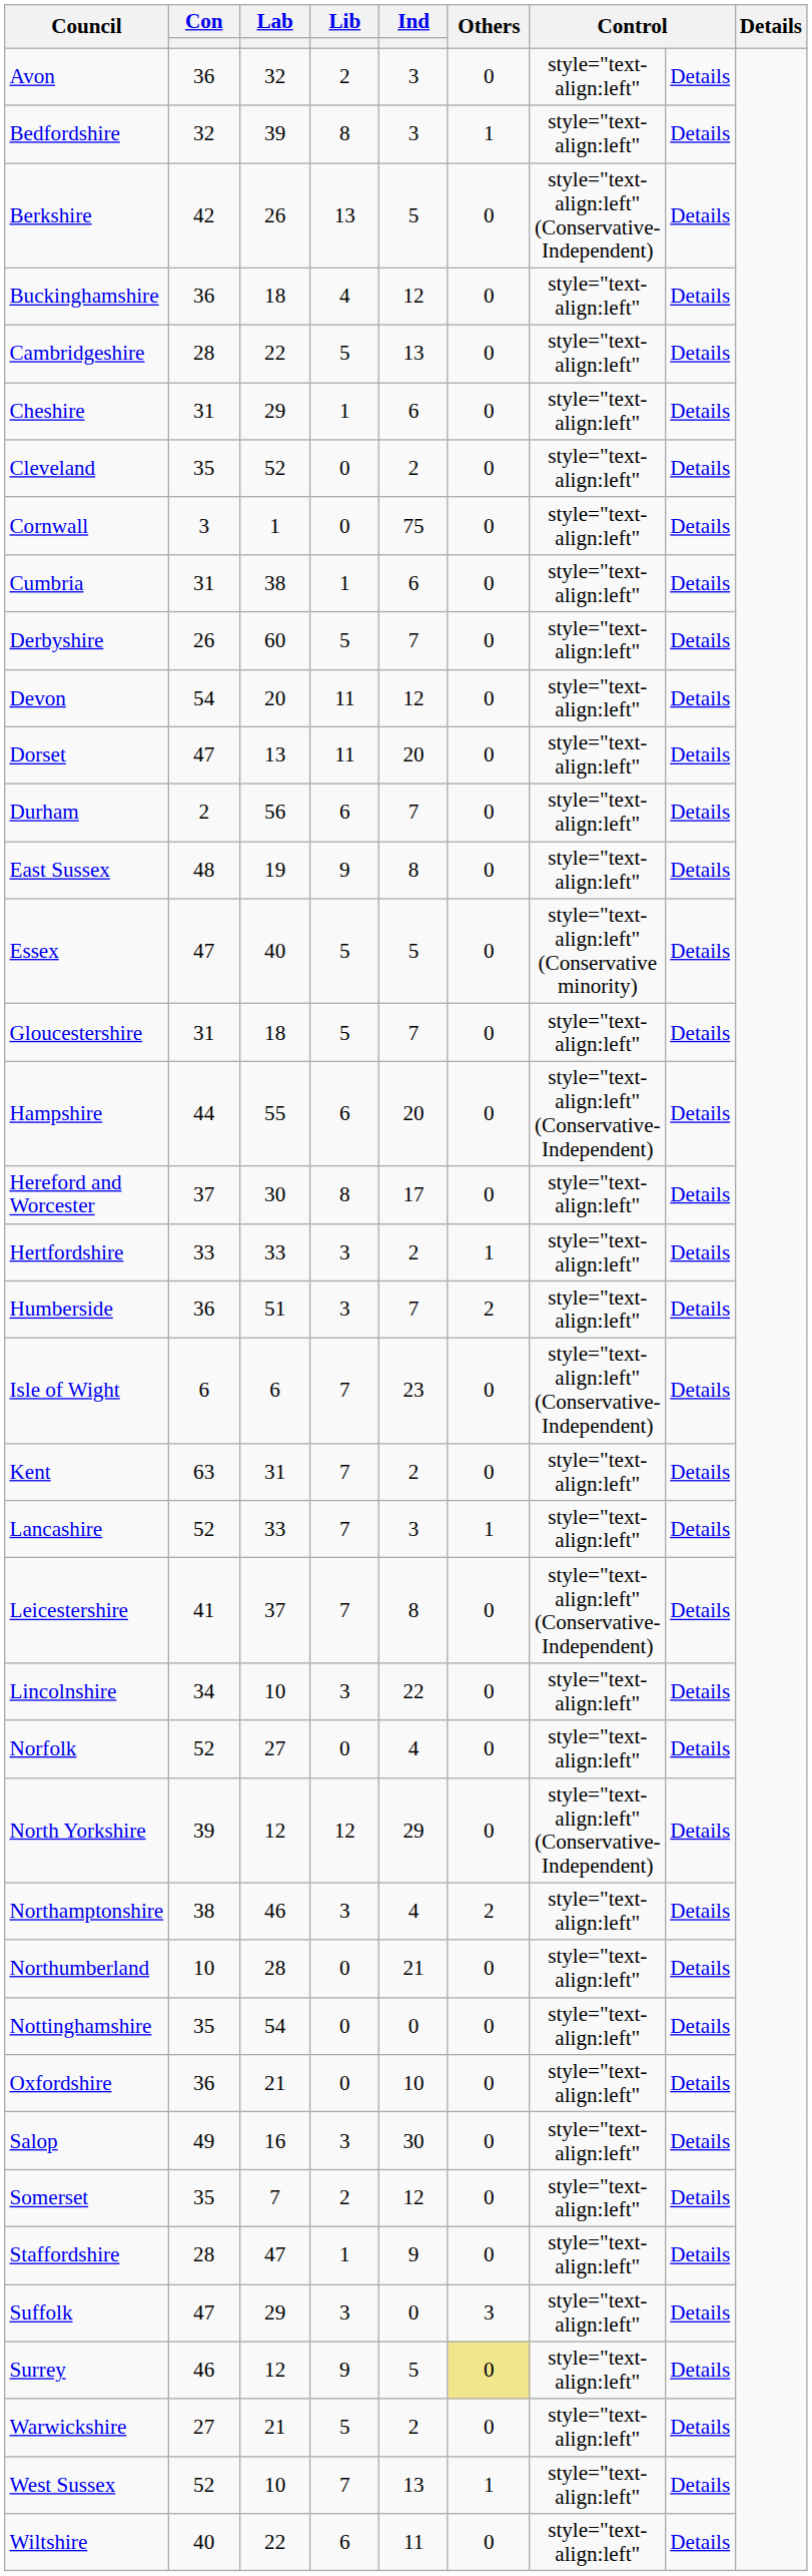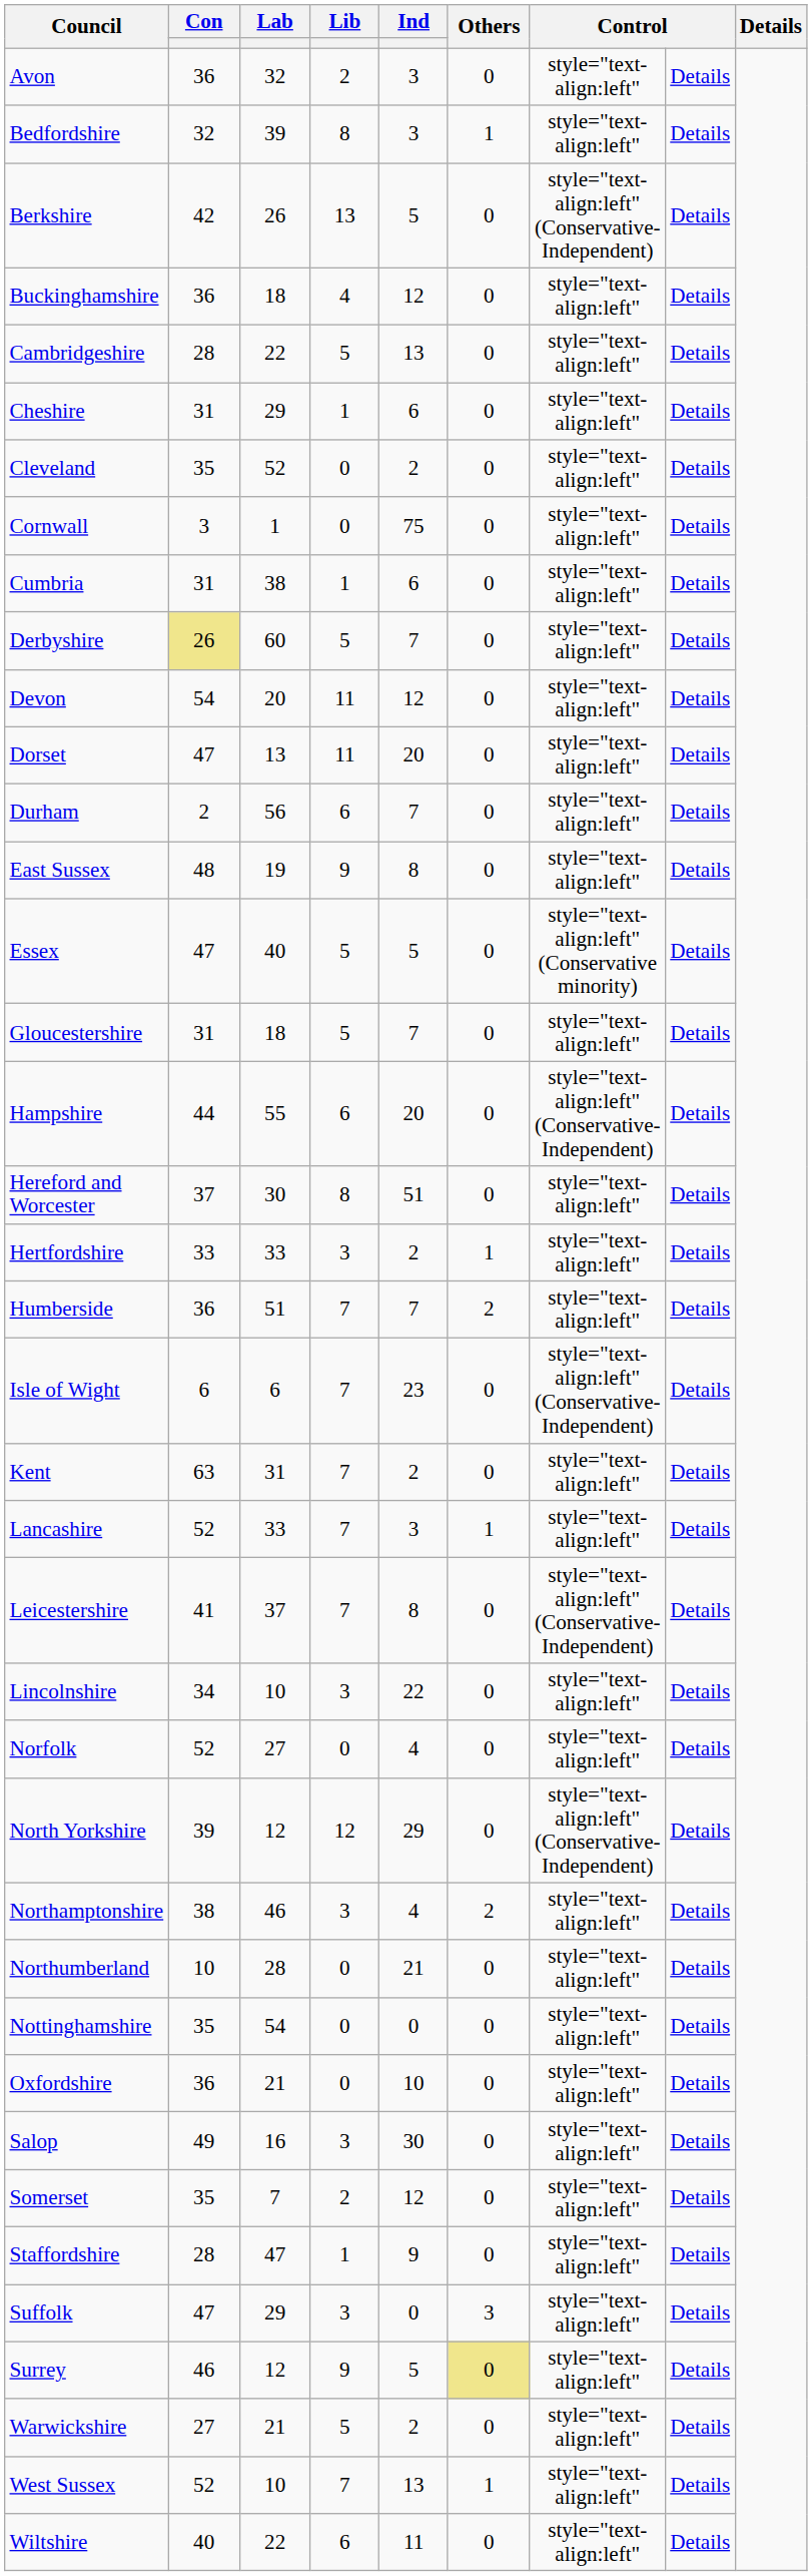 <table class="wikitable" style="text-align:center;">
 <tr>
 <th rowspan=2>Council</th>
 <th style="width:60px;"><a href='#'>Con</a></th>
 <th style="width:60px;"><a href='#'>Lab</a></th>
 <th style="width:60px;"><a href='#'>Lib</a></th>
 <th style="width:60px;"><a href='#'>Ind</a></th>
 <th style="width:60px;" rowspan=2>Others</th>
 <th rowspan=2 colspan=2>Control</th>
 <th rowspan=2>Details</th>
 </tr>
 <tr>
 <th style="background:"></th>
 <th style="background:"></th>
 <th style="background:"></th>
 <th style="background:"></th>
 </tr>
 <tr>
 <td style="text-align:left"><a href='#'>Avon</a></td>
 <td>36</td>
 <td>32</td>
 <td>2</td>
 <td>3</td>
 <td>0</td>
 <td>style="text-align:left" </td>
 <td style="text-align:left"><a href='#'>Details</a></td>
 </tr>
 <tr>
 <td style="text-align:left"><a href='#'>Bedfordshire</a></td>
 <td>32</td>
 <td>39</td>
 <td>8</td>
 <td>3</td>
 <td>1</td>
 <td>style="text-align:left" </td>
 <td style="text-align:left"><a href='#'>Details</a></td>
 </tr>
 <tr>
 <td style="text-align:left"><a href='#'>Berkshire</a></td>
 <td>42</td>
 <td>26</td>
 <td>13</td>
 <td>5</td>
 <td>0</td>
 <td>style="text-align:left"  (Conservative-Independent)</td>
 <td style="text-align:left"><a href='#'>Details</a></td>
 </tr>
 <tr>
 <td style="text-align:left"><a href='#'>Buckinghamshire</a></td>
 <td>36</td>
 <td>18</td>
 <td>4</td>
 <td>12</td>
 <td>0</td>
 <td>style="text-align:left" </td>
 <td style="text-align:left"><a href='#'>Details</a></td>
 </tr>
 <tr>
 <td style="text-align:left"><a href='#'>Cambridgeshire</a></td>
 <td>28</td>
 <td>22</td>
 <td>5</td>
 <td>13</td>
 <td>0</td>
 <td>style="text-align:left" </td>
 <td style="text-align:left"><a href='#'>Details</a></td>
 </tr>
 <tr>
 <td style="text-align:left"><a href='#'>Cheshire</a></td>
 <td>31</td>
 <td>29</td>
 <td>1</td>
 <td>6</td>
 <td>0</td>
 <td>style="text-align:left" </td>
 <td style="text-align:left"><a href='#'>Details</a></td>
 </tr>
 <tr>
 <td style="text-align:left"><a href='#'>Cleveland</a></td>
 <td>35</td>
 <td>52</td>
 <td>0</td>
 <td>2</td>
 <td>0</td>
 <td>style="text-align:left" </td>
 <td style="text-align:left"><a href='#'>Details</a></td>
 </tr>
 <tr>
 <td style="text-align:left"><a href='#'>Cornwall</a></td>
 <td>3</td>
 <td>1</td>
 <td>0</td>
 <td>75</td>
 <td>0</td>
 <td>style="text-align:left" </td>
 <td style="text-align:left"><a href='#'>Details</a></td>
 </tr>
 <tr>
 <td style="text-align:left"><a href='#'>Cumbria</a></td>
 <td>31</td>
 <td>38</td>
 <td>1</td>
 <td>6</td>
 <td>0</td>
 <td>style="text-align:left" </td>
 <td style="text-align:left"><a href='#'>Details</a></td>
 </tr>
 <tr>
 <td style="text-align:left"><a href='#'>Derbyshire</a></td>
-<td>26</td>
+<td style="background: khaki;">26</td>
 <td>60</td>
 <td>5</td>
 <td>7</td>
 <td>0</td>
 <td>style="text-align:left" </td>
 <td style="text-align:left"><a href='#'>Details</a></td>
 </tr>
 <tr>
 <td style="text-align:left"><a href='#'>Devon</a></td>
 <td>54</td>
 <td>20</td>
 <td>11</td>
 <td>12</td>
 <td>0</td>
 <td>style="text-align:left" </td>
 <td style="text-align:left"><a href='#'>Details</a></td>
 </tr>
 <tr>
 <td style="text-align:left"><a href='#'>Dorset</a></td>
 <td>47</td>
 <td>13</td>
 <td>11</td>
 <td>20</td>
 <td>0</td>
 <td>style="text-align:left" </td>
 <td style="text-align:left"><a href='#'>Details</a></td>
 </tr>
 <tr>
 <td style="text-align:left"><a href='#'>Durham</a></td>
 <td>2</td>
 <td>56</td>
 <td>6</td>
 <td>7</td>
 <td>0</td>
 <td>style="text-align:left" </td>
 <td style="text-align:left"><a href='#'>Details</a></td>
 </tr>
 <tr>
 <td style="text-align:left"><a href='#'>East Sussex</a></td>
 <td>48</td>
 <td>19</td>
 <td>9</td>
 <td>8</td>
 <td>0</td>
 <td>style="text-align:left" </td>
 <td style="text-align:left"><a href='#'>Details</a></td>
 </tr>
 <tr>
 <td style="text-align:left"><a href='#'>Essex</a></td>
 <td>47</td>
 <td>40</td>
 <td>5</td>
 <td>5</td>
 <td>0</td>
 <td>style="text-align:left"  (Conservative minority)</td>
 <td style="text-align:left"><a href='#'>Details</a></td>
 </tr>
 <tr>
 <td style="text-align:left"><a href='#'>Gloucestershire</a></td>
 <td>31</td>
 <td>18</td>
 <td>5</td>
 <td>7</td>
 <td>0</td>
 <td>style="text-align:left" </td>
 <td style="text-align:left"><a href='#'>Details</a></td>
 </tr>
 <tr>
 <td style="text-align:left"><a href='#'>Hampshire</a></td>
 <td>44</td>
 <td>55</td>
 <td>6</td>
 <td>20</td>
 <td>0</td>
 <td>style="text-align:left"  (Conservative-Independent)</td>
 <td style="text-align:left"><a href='#'>Details</a></td>
 </tr>
 <tr>
 <td style="text-align:left"><a href='#'>Hereford and Worcester</a></td>
 <td>37</td>
 <td>30</td>
 <td>8</td>
-<td>17</td>
+<td>51</td>
 <td>0</td>
 <td>style="text-align:left" </td>
 <td style="text-align:left"><a href='#'>Details</a></td>
 </tr>
 <tr>
 <td style="text-align:left"><a href='#'>Hertfordshire</a></td>
 <td>33</td>
 <td>33</td>
 <td>3</td>
 <td>2</td>
 <td>1</td>
 <td>style="text-align:left" </td>
 <td style="text-align:left"><a href='#'>Details</a></td>
 </tr>
 <tr>
 <td style="text-align:left"><a href='#'>Humberside</a></td>
 <td>36</td>
 <td>51</td>
-<td>3</td>
+<td>7</td>
 <td>7</td>
 <td>2</td>
 <td>style="text-align:left" </td>
 <td style="text-align:left"><a href='#'>Details</a></td>
 </tr>
 <tr>
 <td style="text-align:left"><a href='#'>Isle of Wight</a></td>
 <td>6</td>
 <td>6</td>
 <td>7</td>
 <td>23</td>
 <td>0</td>
 <td>style="text-align:left"  (Conservative-Independent)</td>
 <td style="text-align:left"><a href='#'>Details</a></td>
 </tr>
 <tr>
 <td style="text-align:left"><a href='#'>Kent</a></td>
 <td>63</td>
 <td>31</td>
 <td>7</td>
 <td>2</td>
 <td>0</td>
 <td>style="text-align:left" </td>
 <td style="text-align:left"><a href='#'>Details</a></td>
 </tr>
 <tr>
 <td style="text-align:left"><a href='#'>Lancashire</a></td>
 <td>52</td>
 <td>33</td>
 <td>7</td>
 <td>3</td>
 <td>1</td>
 <td>style="text-align:left" </td>
 <td style="text-align:left"><a href='#'>Details</a></td>
 </tr>
 <tr>
 <td style="text-align:left"><a href='#'>Leicestershire</a></td>
 <td>41</td>
 <td>37</td>
 <td>7</td>
 <td>8</td>
 <td>0</td>
 <td>style="text-align:left"  (Conservative-Independent)</td>
 <td style="text-align:left"><a href='#'>Details</a></td>
 </tr>
 <tr>
 <td style="text-align:left"><a href='#'>Lincolnshire</a></td>
 <td>34</td>
 <td>10</td>
 <td>3</td>
 <td>22</td>
 <td>0</td>
 <td>style="text-align:left" </td>
 <td style="text-align:left"><a href='#'>Details</a></td>
 </tr>
 <tr>
 <td style="text-align:left"><a href='#'>Norfolk</a></td>
 <td>52</td>
 <td>27</td>
 <td>0</td>
 <td>4</td>
 <td>0</td>
 <td>style="text-align:left" </td>
 <td style="text-align:left"><a href='#'>Details</a></td>
 </tr>
 <tr>
 <td style="text-align:left"><a href='#'>North Yorkshire</a></td>
 <td>39</td>
 <td>12</td>
 <td>12</td>
 <td>29</td>
 <td>0</td>
 <td>style="text-align:left"  (Conservative-Independent)</td>
 <td style="text-align:left"><a href='#'>Details</a></td>
 </tr>
 <tr>
 <td style="text-align:left"><a href='#'>Northamptonshire</a></td>
 <td>38</td>
 <td>46</td>
 <td>3</td>
 <td>4</td>
 <td>2</td>
 <td>style="text-align:left" </td>
 <td style="text-align:left"><a href='#'>Details</a></td>
 </tr>
 <tr>
 <td style="text-align:left"><a href='#'>Northumberland</a></td>
 <td>10</td>
 <td>28</td>
 <td>0</td>
 <td>21</td>
 <td>0</td>
 <td>style="text-align:left" </td>
 <td style="text-align:left"><a href='#'>Details</a></td>
 </tr>
 <tr>
 <td style="text-align:left"><a href='#'>Nottinghamshire</a></td>
 <td>35</td>
 <td>54</td>
 <td>0</td>
 <td>0</td>
 <td>0</td>
 <td>style="text-align:left" </td>
 <td style="text-align:left"><a href='#'>Details</a></td>
 </tr>
 <tr>
 <td style="text-align:left"><a href='#'>Oxfordshire</a></td>
 <td>36</td>
 <td>21</td>
 <td>0</td>
 <td>10</td>
 <td>0</td>
 <td>style="text-align:left" </td>
 <td style="text-align:left"><a href='#'>Details</a></td>
 </tr>
 <tr>
 <td style="text-align:left"><a href='#'>Salop</a></td>
 <td>49</td>
 <td>16</td>
 <td>3</td>
 <td>30</td>
 <td>0</td>
 <td>style="text-align:left" </td>
 <td style="text-align:left"><a href='#'>Details</a></td>
 </tr>
 <tr>
 <td style="text-align:left"><a href='#'>Somerset</a></td>
 <td>35</td>
 <td>7</td>
 <td>2</td>
 <td>12</td>
 <td>0</td>
 <td>style="text-align:left" </td>
 <td style="text-align:left"><a href='#'>Details</a></td>
 </tr>
 <tr>
 <td style="text-align:left"><a href='#'>Staffordshire</a></td>
 <td>28</td>
 <td>47</td>
 <td>1</td>
 <td>9</td>
 <td>0</td>
 <td>style="text-align:left" </td>
 <td style="text-align:left"><a href='#'>Details</a></td>
 </tr>
 <tr>
 <td style="text-align:left"><a href='#'>Suffolk</a></td>
 <td>47</td>
 <td>29</td>
 <td>3</td>
 <td>0</td>
 <td>3</td>
 <td>style="text-align:left" </td>
 <td style="text-align:left"><a href='#'>Details</a></td>
 </tr>
 <tr>
 <td style="text-align:left"><a href='#'>Surrey</a></td>
 <td>46</td>
 <td>12</td>
 <td>9</td>
 <td>5</td>
 <td style="background: khaki;">0</td>
 <td>style="text-align:left" </td>
 <td style="text-align:left"><a href='#'>Details</a></td>
 </tr>
 <tr>
 <td style="text-align:left"><a href='#'>Warwickshire</a></td>
 <td>27</td>
 <td>21</td>
 <td>5</td>
 <td>2</td>
 <td>0</td>
 <td>style="text-align:left" </td>
 <td style="text-align:left"><a href='#'>Details</a></td>
 </tr>
 <tr>
 <td style="text-align:left"><a href='#'>West Sussex</a></td>
 <td>52</td>
 <td>10</td>
 <td>7</td>
 <td>13</td>
 <td>1</td>
 <td>style="text-align:left" </td>
 <td style="text-align:left"><a href='#'>Details</a></td>
 </tr>
 <tr>
 <td style="text-align:left"><a href='#'>Wiltshire</a></td>
 <td>40</td>
 <td>22</td>
 <td>6</td>
 <td>11</td>
 <td>0</td>
 <td>style="text-align:left" </td>
 <td style="text-align:left"><a href='#'>Details</a></td>
 </tr>
 </table>
